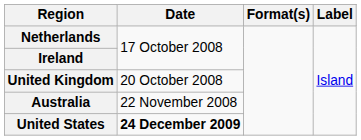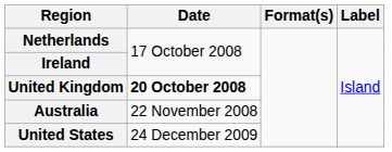 <table class="wikitable plainrowheaders">
 <tr>
 <th scope="col">Region</th>
 <th scope="col">Date</th>
 <th scope="col">Format(s)</th>
 <th scope="col">Label</th>
 </tr>
 <tr>
 <th scope="row">Netherlands</th>
 <td rowspan="2">17 October 2008</td>
 <td rowspan="5"></td>
 <td rowspan="5"><a href='#'>Island</a></td>
 </tr>
 <tr>
 <th scope="row">Ireland</th>
 </tr>
 <tr>
 <th scope="row">United Kingdom</th>
-<td>20 October 2008</td>
+<td><strong>20 October 2008</strong></td>
 </tr>
 <tr>
 <th scope="row">Australia</th>
 <td>22 November 2008</td>
 </tr>
 <tr>
 <th scope="row">United States</th>
-<td><strong>24 December 2009</strong></td>
+<td>24 December 2009</td>
 </tr>
 </table>
